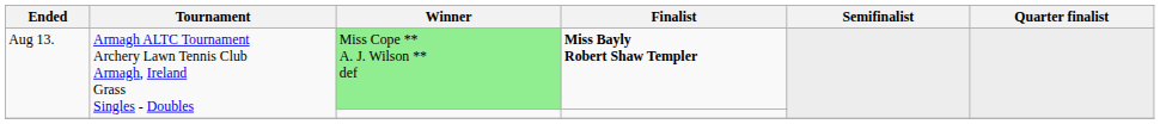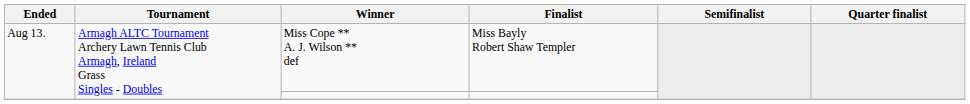 <table class="wikitable" style="font-size:85%;">
 <tr>
 <th width="75">Ended</th>
 <th width="230">Tournament</th>
 <th width="210">Winner</th>
 <th width="210">Finalist</th>
 <th width="170">Semifinalist</th>
 <th width="170">Quarter finalist</th>
 </tr>
 <tr valign=top>
 <td rowspan=2>Aug 13.</td>
 <td rowspan=2><a href='#'>Armagh ALTC Tournament</a><br>Archery Lawn Tennis Club<br><a href='#'>Armagh</a>, <a href='#'>Ireland</a><br>Grass<br><a href='#'>Singles</a> - <a href='#'>Doubles</a></td>
-<td style="background: lightgreen;"> Miss Cope **<br> A. J. Wilson **<br> def</td>
-<td><strong> Miss Bayly<br> Robert Shaw Templer</strong></td>
+<td> Miss Cope **<br> A. J. Wilson **<br> def</td>
+<td> Miss Bayly<br> Robert Shaw Templer</td>
 <td style="background:#ededed;" rowspan=2></td>
 <td style="background:#ededed;" rowspan=2></td>
 </tr>
 <tr valign=top>
 <td></td>
 <td></td>
 </tr>
 <tr valign=top>
 </tr>
 </table>
